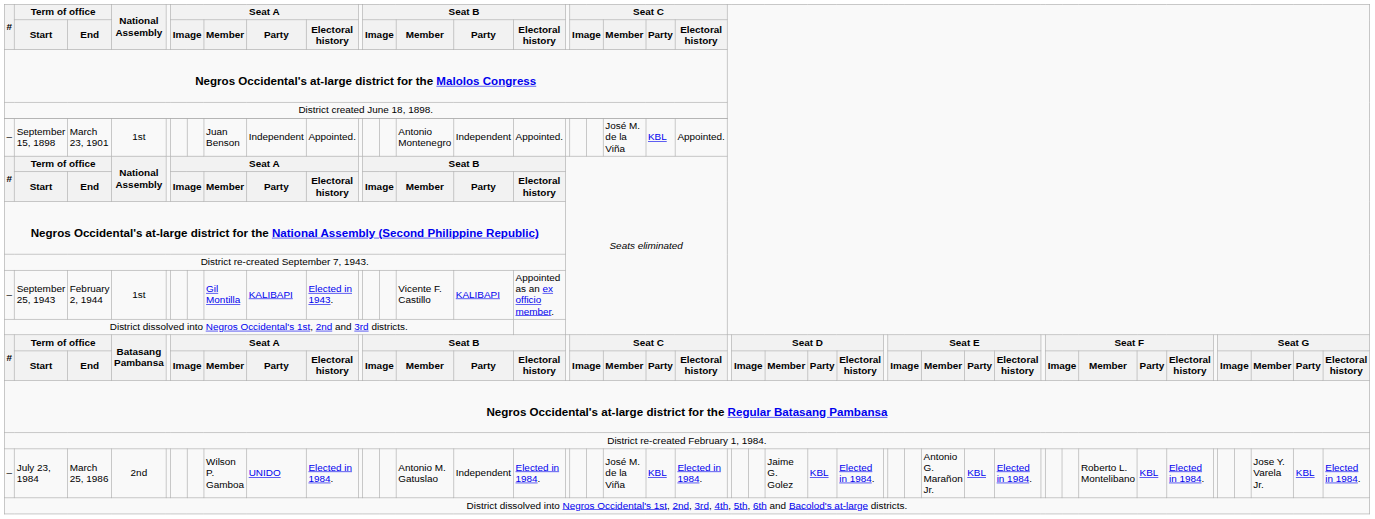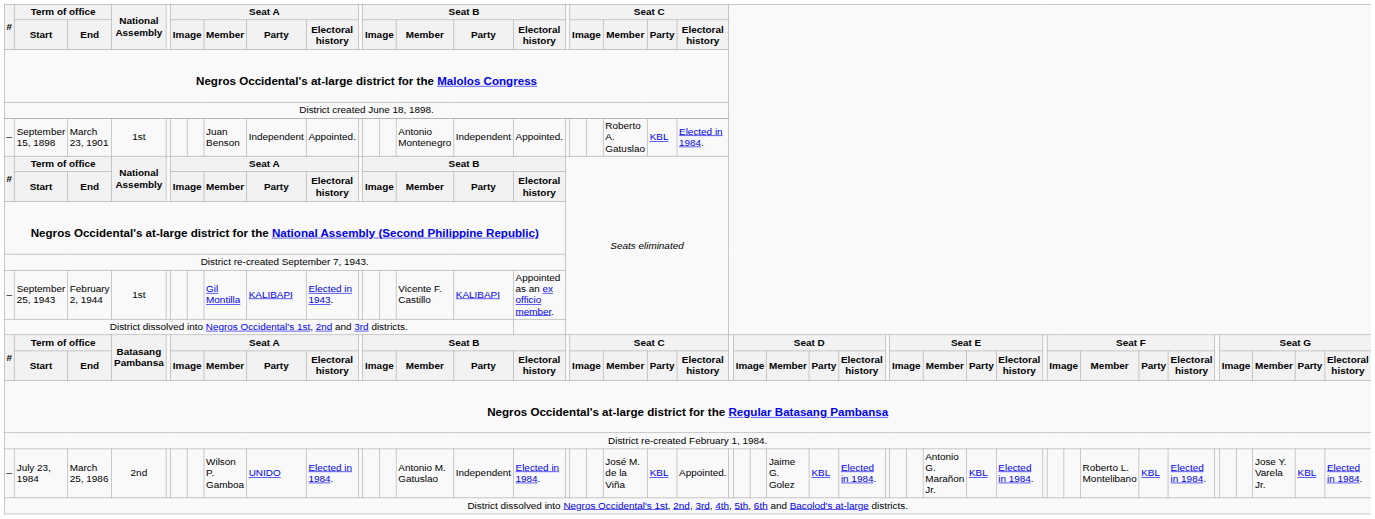 <table class=wikitable>
 <tr>
 <th rowspan=2>#</th>
 <th colspan=2>Term of office</th>
 <th rowspan=2>National<br>Assembly</th>
 <td rowspan=2></td>
 <th colspan=5>Seat A</th>
 <td rowspan=2></td>
 <th colspan=5>Seat B</th>
 <td rowspan=2></td>
 <th colspan=5>Seat C</th>
 </tr>
 <tr style="height:3em">
 <th>Start</th>
 <th>End</th>
 <th colspan="2" style="text-align:center;">Image</th>
 <th>Member</th>
 <th>Party</th>
 <th>Electoral history</th>
 <th colspan="2" style="text-align:center;">Image</th>
 <th>Member</th>
 <th>Party</th>
 <th>Electoral history</th>
 <th colspan="2" style="text-align:center;">Image</th>
 <th>Member</th>
 <th>Party</th>
 <th>Electoral history</th>
 </tr>
 <tr>
 <td colspan="22" style="text-align:center;"><br><h3>Negros Occidental's at-large district for the <a href='#'>Malolos Congress</a></h3></td>
 </tr>
 <tr>
 <td colspan="22" style="text-align:center;">District created June 18, 1898.</td>
 </tr>
 <tr>
 </tr>
 <tr style="height:3em">
 <td style="text-align:center;">–</td>
 <td>September 15, 1898</td>
 <td>March 23, 1901</td>
 <td style="text-align:center;">1st</td>
 <td></td>
 <td style="color:inherit;background:"></td>
 <td></td>
 <td>Juan Benson</td>
 <td>Independent</td>
 <td>Appointed.</td>
 <td></td>
 <td style="color:inherit;background:"></td>
 <td></td>
 <td>Antonio Montenegro</td>
 <td>Independent</td>
 <td>Appointed.</td>
 <td></td>
 <td style="color:inherit;background:"></td>
 <td></td>
-<td>José M. de la Viña</td>
+<td>Roberto A. Gatuslao</td>
 <td><a href='#'>KBL</a></td>
-<td>Appointed.</td>
+<td><a href='#'>Elected in 1984</a>.</td>
 </tr>
 <tr>
 <th rowspan=2>#</th>
 <th colspan=2>Term of office</th>
 <th rowspan=2>National<br>Assembly</th>
 <td rowspan=2></td>
 <th colspan=5>Seat A</th>
 <td rowspan=2></td>
 <th colspan=5>Seat B</th>
 <td rowspan=6 colspan=6 style="text-align:center;"><em>Seats eliminated</em></td>
 </tr>
 <tr style="height:3em">
 <th>Start</th>
 <th>End</th>
 <th colspan="2" style="text-align:center;">Image</th>
 <th>Member</th>
 <th>Party</th>
 <th>Electoral history</th>
 <th colspan="2" style="text-align:center;">Image</th>
 <th>Member</th>
 <th>Party</th>
 <th>Electoral history</th>
 </tr>
 <tr>
 <td colspan="16" style="text-align:center;"><br><h3>Negros Occidental's at-large district for the <a href='#'>National Assembly (Second Philippine Republic)</a></h3></td>
 </tr>
 <tr>
 <td colspan="16" style="text-align:center;">District re-created September 7, 1943.</td>
 </tr>
 <tr>
 <td style="text-align:center;">–</td>
 <td>September 25, 1943</td>
 <td>February 2, 1944</td>
 <td style="text-align:center;">1st</td>
 <td></td>
 <td style="color:inherit;background:"></td>
 <td></td>
 <td><a href='#'>Gil Montilla</a></td>
 <td><a href='#'>KALIBAPI</a></td>
 <td><a href='#'>Elected in 1943</a>.</td>
 <td></td>
 <td style="color:inherit;background:"></td>
 <td></td>
 <td>Vicente F. Castillo</td>
 <td><a href='#'>KALIBAPI</a></td>
 <td>Appointed as an <a href='#'>ex officio member</a>.</td>
 </tr>
 <tr>
 <td colspan="15" style="text-align:center;">District dissolved into <a href='#'>Negros Occidental's 1st</a>, <a href='#'>2nd</a> and <a href='#'>3rd</a> districts.</td>
 </tr>
 <tr>
 <th rowspan=2>#</th>
 <th colspan=2>Term of office</th>
 <th rowspan=2>Batasang<br>Pambansa</th>
 <td rowspan=2></td>
 <th colspan=5>Seat A</th>
 <td rowspan=2></td>
 <th colspan=5>Seat B</th>
 <td rowspan=2></td>
 <th colspan=5>Seat C</th>
 <td rowspan=2></td>
 <th colspan=5>Seat D</th>
 <td rowspan=2></td>
 <th colspan=5>Seat E</th>
 <td rowspan=2></td>
 <th colspan=5>Seat F</th>
 <td rowspan=2></td>
 <th colspan=5>Seat G</th>
 </tr>
 <tr style="height:3em">
 <th>Start</th>
 <th>End</th>
 <th colspan="2" style="text-align:center;">Image</th>
 <th>Member</th>
 <th>Party</th>
 <th>Electoral history</th>
 <th colspan="2" style="text-align:center;">Image</th>
 <th>Member</th>
 <th>Party</th>
 <th>Electoral history</th>
 <th colspan="2" style="text-align:center;">Image</th>
 <th>Member</th>
 <th>Party</th>
 <th>Electoral history</th>
 <th colspan="2" style="text-align:center;">Image</th>
 <th>Member</th>
 <th>Party</th>
 <th>Electoral history</th>
 <th colspan="2" style="text-align:center;">Image</th>
 <th>Member</th>
 <th>Party</th>
 <th>Electoral history</th>
 <th colspan="2" style="text-align:center;">Image</th>
 <th>Member</th>
 <th>Party</th>
 <th>Electoral history</th>
 <th colspan="2" style="text-align:center;">Image</th>
 <th>Member</th>
 <th>Party</th>
 <th>Electoral history</th>
 </tr>
 <tr>
 <td colspan="46" style="text-align:center;"><br><h3>Negros Occidental's at-large district for the <a href='#'>Regular Batasang Pambansa</a></h3></td>
 </tr>
 <tr>
 <td colspan="46" style="text-align:center;">District re-created February 1, 1984.</td>
 </tr>
 <tr style="height:3em">
 <td style="text-align:center;">–</td>
 <td>July 23, 1984</td>
 <td>March 25, 1986</td>
 <td style="text-align:center;">2nd</td>
 <td></td>
 <td style="color:inherit;background:"></td>
 <td></td>
 <td>Wilson P. Gamboa</td>
 <td><a href='#'>UNIDO</a></td>
 <td><a href='#'>Elected in 1984</a>.</td>
 <td></td>
 <td style="color:inherit;background:"></td>
 <td></td>
 <td>Antonio M. Gatuslao</td>
 <td>Independent</td>
 <td><a href='#'>Elected in 1984</a>.</td>
 <td></td>
 <td style="color:inherit;background:"></td>
 <td></td>
 <td>José M. de la Viña</td>
 <td><a href='#'>KBL</a></td>
-<td><a href='#'>Elected in 1984</a>.</td>
+<td>Appointed.</td>
 <td></td>
 <td style="color:inherit;background:"></td>
 <td></td>
 <td>Jaime G. Golez</td>
 <td><a href='#'>KBL</a></td>
 <td><a href='#'>Elected in 1984</a>.</td>
 <td></td>
 <td style="color:inherit;background:"></td>
 <td></td>
 <td>Antonio G. Marañon Jr.</td>
 <td><a href='#'>KBL</a></td>
 <td><a href='#'>Elected in 1984</a>.</td>
 <td></td>
 <td style="color:inherit;background:"></td>
 <td></td>
 <td>Roberto L. Montelibano</td>
 <td><a href='#'>KBL</a></td>
 <td><a href='#'>Elected in 1984</a>.</td>
 <td></td>
 <td style="color:inherit;background:"></td>
 <td></td>
 <td>Jose Y. Varela Jr.</td>
 <td><a href='#'>KBL</a></td>
 <td><a href='#'>Elected in 1984</a>.</td>
 </tr>
 <tr>
 <td colspan="46" style="text-align:center;">District dissolved into <a href='#'>Negros Occidental's 1st</a>, <a href='#'>2nd</a>, <a href='#'>3rd</a>, <a href='#'>4th</a>, <a href='#'>5th</a>, <a href='#'>6th</a> and <a href='#'>Bacolod's at-large</a> districts.</td>
 </tr>
 </table>
